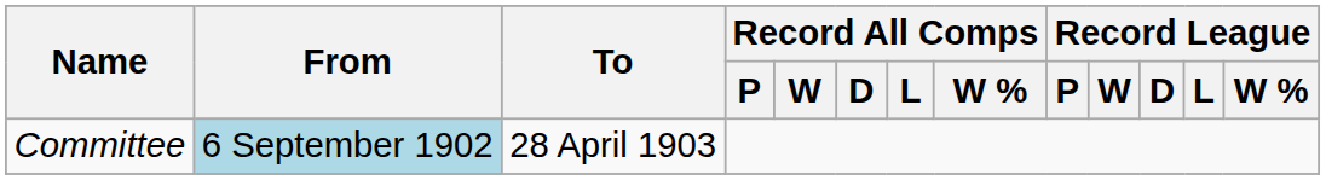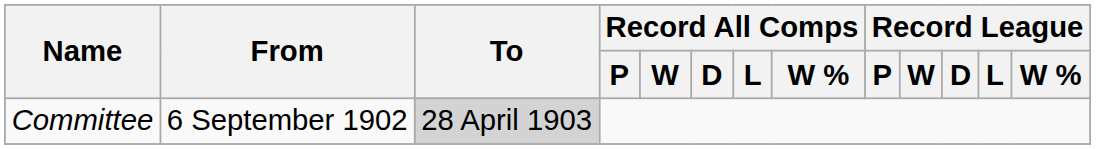 <table style="text-align: center" class="wikitable">
 <tr>
 <th rowspan="2">Name</th>
 <th rowspan="2">From</th>
 <th rowspan="2">To</th>
 <th colspan="5">Record All Comps</th>
 <th colspan="5">Record League</th>
 </tr>
 <tr>
 <th>P</th>
 <th>W</th>
 <th>D</th>
 <th>L</th>
 <th>W %</th>
 <th>P</th>
 <th>W</th>
 <th>D</th>
 <th>L</th>
 <th>W %</th>
 </tr>
 <tr>
 <td style="text-align:left;"><em>Committee</em></td>
-<td style="background: lightblue;">6 September 1902</td>
-<td>28 April 1903<br> </td>
+<td>6 September 1902</td>
+<td style="background: lightgrey;">28 April 1903<br> </td>
 </tr>
 </table>
